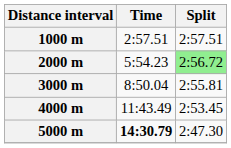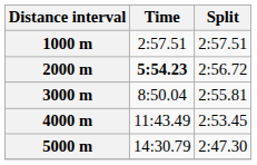 <table class="wikitable mw-collapsible mw-collapsed">
 <tr>
 <th>Distance interval</th>
 <th>Time</th>
 <th>Split</th>
 </tr>
 <tr>
 <th scope="row">1000 m</th>
 <td align=center>2:57.51</td>
 <td align=right>2:57.51</td>
 </tr>
 <tr>
 <th scope="row">2000 m</th>
-<td align=center>5:54.23</td>
-<td align=right style="background: lightgreen;">2:56.72</td>
+<td align=center><strong>5:54.23</strong></td>
+<td align=right>2:56.72</td>
 </tr>
 <tr>
 <th scope="row">3000 m</th>
 <td align=center>8:50.04</td>
 <td align=right>2:55.81</td>
 </tr>
 <tr>
 <th scope="row">4000 m</th>
 <td align=center>11:43.49</td>
 <td align=right>2:53.45</td>
 </tr>
 <tr>
 <th scope="row">5000 m</th>
-<td align=center><strong>14:30.79</strong></td>
+<td align=center>14:30.79</td>
 <td align=right>2:47.30</td>
 </tr>
 <tr>
 </tr>
 </table>
